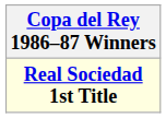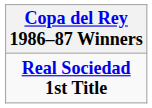 <table class="wikitable" style="text-align: center; margin: 0 auto;">
 <tr>
 <th><a href='#'>Copa del Rey</a><br>1986–87 Winners</th>
 </tr>
 <tr>
-<td style="background: lightyellow;"><strong><a href='#'>Real Sociedad</a></strong><br><strong>1st Title</strong></td>
+<td><strong><a href='#'>Real Sociedad</a></strong><br><strong>1st Title</strong></td>
 </tr>
 </table>
